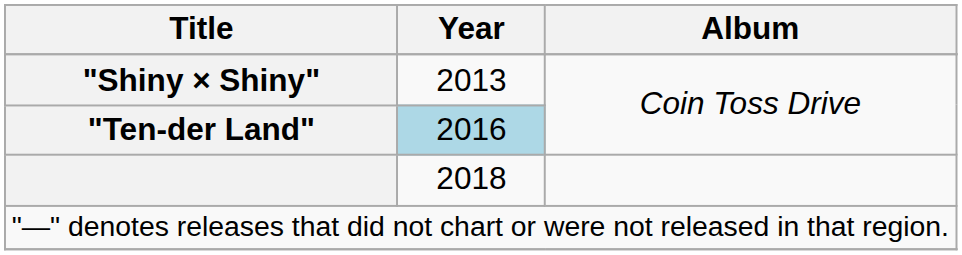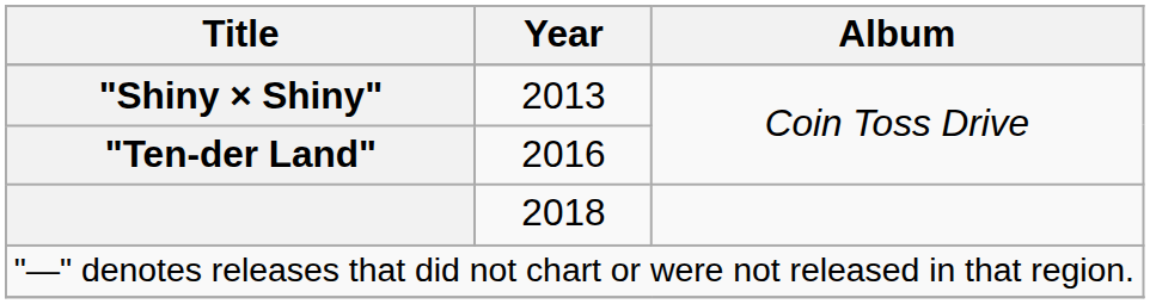 <table class="wikitable plainrowheaders" style="text-align:center;">
 <tr>
 <th scope="col" rowspan="1" style="width:12em;">Title</th>
 <th scope="col" rowspan="1">Year</th>
 <th scope="col" rowspan="1">Album</th>
 </tr>
 <tr>
 </tr>
 <tr>
 <th scope="row">"Shiny × Shiny"</th>
 <td>2013</td>
 <td rowspan="2"><em>Coin Toss Drive</em></td>
 </tr>
 <tr>
 <th scope="row">"Ten-der Land"</th>
-<td style="background: lightblue;">2016</td>
+<td>2016</td>
 </tr>
 <tr>
 <th scope="row"></th>
 <td>2018</td>
 <td></td>
 </tr>
 <tr>
 <td colspan="3" style="font-size:90%;">"—" denotes releases that did not chart or were not released in that region.</td>
 </tr>
 <tr>
 </tr>
 </table>
